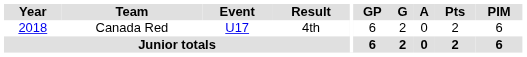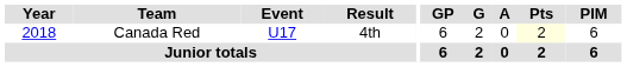 <table border="0" cellpadding="1" cellspacing="0" ID="Table3" style="text-align:center; width:40em;">
 <tr bgcolor="#e0e0e0">
 <th>Year</th>
 <th>Team</th>
 <th>Event</th>
 <th>Result</th>
 <th rowspan="98" bgcolor="#ffffff"></th>
 <th>GP</th>
 <th>G</th>
 <th>A</th>
 <th>Pts</th>
 <th>PIM</th>
 </tr>
 <tr>
 <td><a href='#'>2018</a></td>
 <td>Canada Red</td>
 <td><a href='#'>U17</a></td>
 <td>4th</td>
 <td>6</td>
 <td>2</td>
 <td>0</td>
-<td>2</td>
+<td style="background: lightyellow;">2</td>
 <td>6</td>
 </tr>
 <tr bgcolor="#e0e0e0">
 <th colspan="4">Junior totals</th>
 <th>6</th>
 <th>2</th>
 <th>0</th>
 <th>2</th>
 <th>6</th>
 </tr>
 </table>
